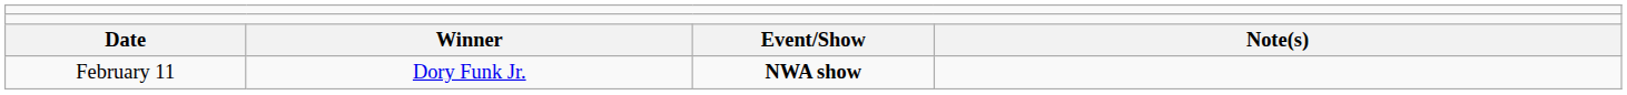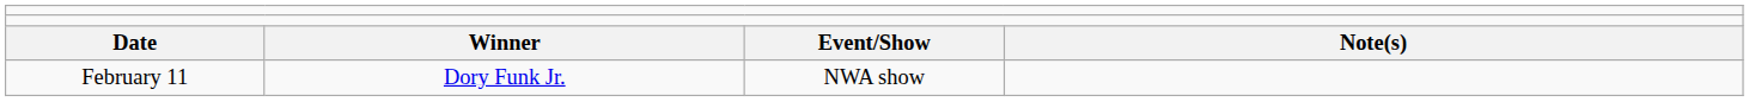 <table class="wikitable" style="text-align:center; width:100%;">
 <tr>
 <td colspan="5"></td>
 </tr>
 <tr>
 <td colspan="5"><strong></strong></td>
 </tr>
 <tr>
 <th width=14%>Date</th>
 <th width=26%>Winner</th>
 <th width=14%>Event/Show</th>
 <th width=40%>Note(s)</th>
 </tr>
 <tr>
 <td>February 11</td>
 <td><a href='#'>Dory Funk Jr.</a></td>
-<td><strong>NWA show</strong></td>
+<td>NWA show</td>
 <td align=left></td>
 </tr>
 </table>
